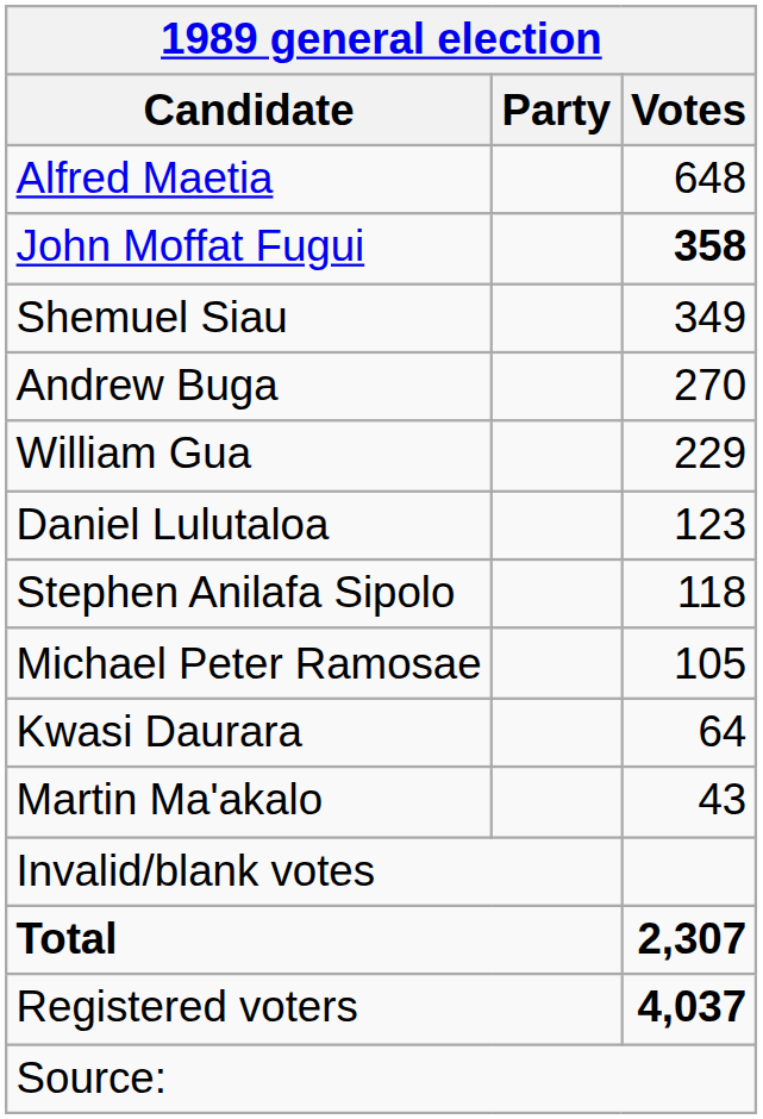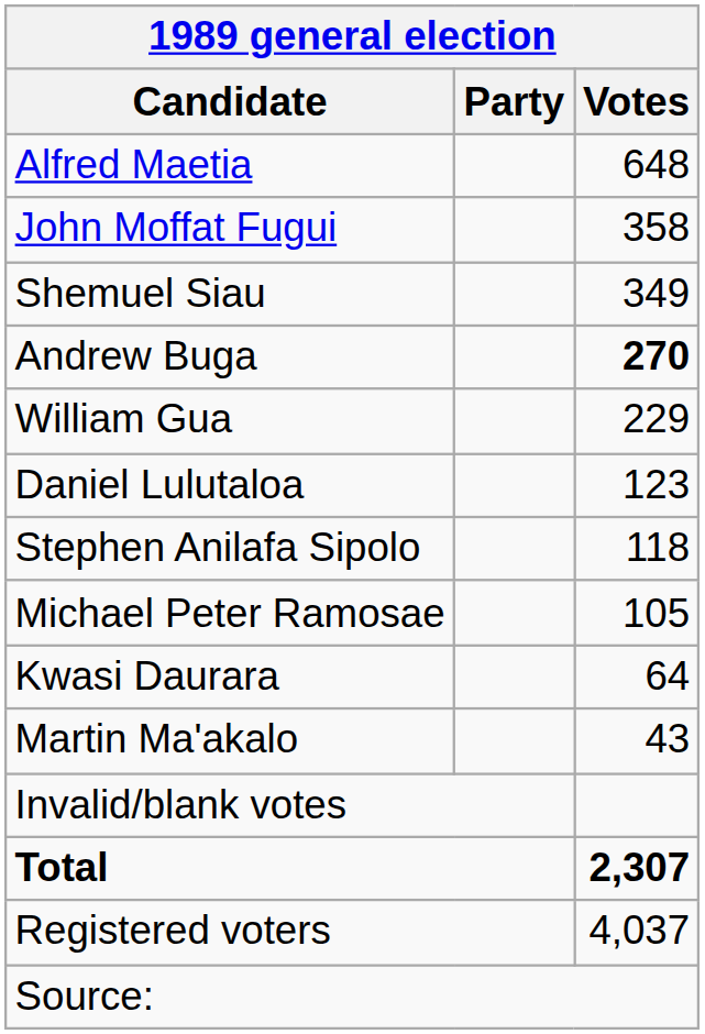 <table class=wikitable style=text-align:left>
 <tr>
 <th colspan=3><a href='#'>1989 general election</a></th>
 </tr>
 <tr>
 <th>Candidate</th>
 <th>Party</th>
 <th>Votes</th>
 </tr>
 <tr>
 <td><a href='#'>Alfred Maetia</a></td>
 <td></td>
 <td align=right>648</td>
 </tr>
 <tr>
 <td><a href='#'>John Moffat Fugui</a></td>
 <td></td>
-<td align=right><strong>358</strong></td>
+<td align=right>358</td>
 </tr>
 <tr>
 <td>Shemuel Siau</td>
 <td></td>
 <td align=right>349</td>
 </tr>
 <tr>
 <td>Andrew Buga</td>
 <td></td>
-<td align=right>270</td>
+<td align=right><strong>270</strong></td>
 </tr>
 <tr>
 <td>William Gua</td>
 <td></td>
 <td align=right>229</td>
 </tr>
 <tr>
 <td>Daniel Lulutaloa</td>
 <td></td>
 <td align=right>123</td>
 </tr>
 <tr>
 <td>Stephen Anilafa Sipolo</td>
 <td></td>
 <td align=right>118</td>
 </tr>
 <tr>
 <td>Michael Peter Ramosae</td>
 <td></td>
 <td align=right>105</td>
 </tr>
 <tr>
 <td>Kwasi Daurara</td>
 <td></td>
 <td align=right>64</td>
 </tr>
 <tr>
 <td>Martin Ma'akalo</td>
 <td></td>
 <td align=right>43</td>
 </tr>
 <tr>
 <td colspan=2>Invalid/blank votes</td>
 <td></td>
 </tr>
 <tr>
 <td colspan=2><strong>Total</strong></td>
 <td align=right><strong>2,307</strong></td>
 </tr>
 <tr>
 <td colspan=2>Registered voters</td>
-<td align=right><strong>4,037</strong></td>
+<td align=right>4,037</td>
 </tr>
 <tr>
 <td colspan=3>Source: </td>
 </tr>
 </table>
